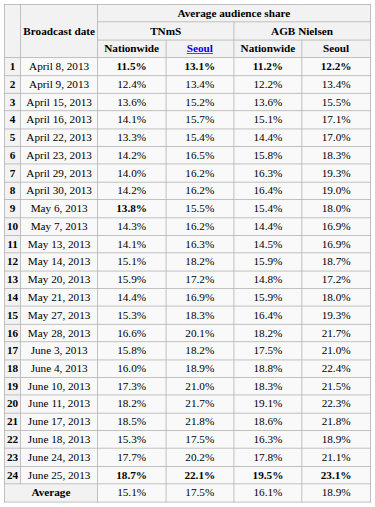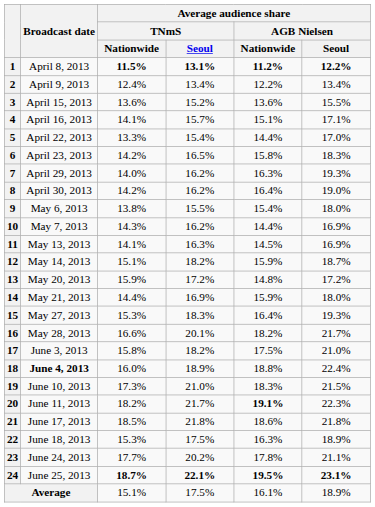 <table class=wikitable style="text-align:center">
 <tr>
 <th rowspan="3"></th>
 <th rowspan="3">Broadcast date</th>
 <th colspan="4">Average audience share</th>
 </tr>
 <tr>
 <th colspan="2">TNmS</th>
 <th colspan="2">AGB Nielsen</th>
 </tr>
 <tr>
 <th width=90>Nationwide</th>
 <th width=90><a href='#'>Seoul</a></th>
 <th width=90>Nationwide</th>
 <th width=90>Seoul</th>
 </tr>
 <tr>
 <th>1</th>
 <td>April 8, 2013</td>
 <td><span><strong>11.5%</strong></span></td>
 <td><span><strong>13.1%</strong></span></td>
 <td><span><strong>11.2%</strong></span></td>
 <td><span><strong>12.2%</strong></span></td>
 </tr>
 <tr>
 <th>2</th>
 <td>April 9, 2013</td>
 <td>12.4%</td>
 <td>13.4%</td>
 <td>12.2%</td>
 <td>13.4%</td>
 </tr>
 <tr>
 <th>3</th>
 <td>April 15, 2013</td>
 <td>13.6%</td>
 <td>15.2%</td>
 <td>13.6%</td>
 <td>15.5%</td>
 </tr>
 <tr>
 <th>4</th>
 <td>April 16, 2013</td>
 <td>14.1%</td>
 <td>15.7%</td>
 <td>15.1%</td>
 <td>17.1%</td>
 </tr>
 <tr>
 <th>5</th>
 <td>April 22, 2013</td>
 <td>13.3%</td>
 <td>15.4%</td>
 <td>14.4%</td>
 <td>17.0%</td>
 </tr>
 <tr>
 <th>6</th>
 <td>April 23, 2013</td>
 <td>14.2%</td>
 <td>16.5%</td>
 <td>15.8%</td>
 <td>18.3%</td>
 </tr>
 <tr>
 <th>7</th>
 <td>April 29, 2013</td>
 <td>14.0%</td>
 <td>16.2%</td>
 <td>16.3%</td>
 <td>19.3%</td>
 </tr>
 <tr>
 <th>8</th>
 <td>April 30, 2013</td>
 <td>14.2%</td>
 <td>16.2%</td>
 <td>16.4%</td>
 <td>19.0%</td>
 </tr>
 <tr>
 <th>9</th>
 <td>May 6, 2013</td>
-<td><strong>13.8%</strong></td>
+<td>13.8%</td>
 <td>15.5%</td>
 <td>15.4%</td>
 <td>18.0%</td>
 </tr>
 <tr>
 <th>10</th>
 <td>May 7, 2013</td>
 <td>14.3%</td>
 <td>16.2%</td>
 <td>14.4%</td>
 <td>16.9%</td>
 </tr>
 <tr>
 <th>11</th>
 <td>May 13, 2013</td>
 <td>14.1%</td>
 <td>16.3%</td>
 <td>14.5%</td>
 <td>16.9%</td>
 </tr>
 <tr>
 <th>12</th>
 <td>May 14, 2013</td>
 <td>15.1%</td>
 <td>18.2%</td>
 <td>15.9%</td>
 <td>18.7%</td>
 </tr>
 <tr>
 <th>13</th>
 <td>May 20, 2013</td>
 <td>15.9%</td>
 <td>17.2%</td>
 <td>14.8%</td>
 <td>17.2%</td>
 </tr>
 <tr>
 <th>14</th>
 <td>May 21, 2013</td>
 <td>14.4%</td>
 <td>16.9%</td>
 <td>15.9%</td>
 <td>18.0%</td>
 </tr>
 <tr>
 <th>15</th>
 <td>May 27, 2013</td>
 <td>15.3%</td>
 <td>18.3%</td>
 <td>16.4%</td>
 <td>19.3%</td>
 </tr>
 <tr>
 <th>16</th>
 <td>May 28, 2013</td>
 <td>16.6%</td>
 <td>20.1%</td>
 <td>18.2%</td>
 <td>21.7%</td>
 </tr>
 <tr>
 <th>17</th>
 <td>June 3, 2013</td>
 <td>15.8%</td>
 <td>18.2%</td>
 <td>17.5%</td>
 <td>21.0%</td>
 </tr>
 <tr>
 <th>18</th>
-<td>June 4, 2013</td>
+<td><strong>June 4, 2013</strong></td>
 <td>16.0%</td>
 <td>18.9%</td>
 <td>18.8%</td>
 <td>22.4%</td>
 </tr>
 <tr>
 <th>19</th>
 <td>June 10, 2013</td>
 <td>17.3%</td>
 <td>21.0%</td>
 <td>18.3%</td>
 <td>21.5%</td>
 </tr>
 <tr>
 <th>20</th>
 <td>June 11, 2013</td>
 <td>18.2%</td>
 <td>21.7%</td>
-<td>19.1%</td>
+<td><strong>19.1%</strong></td>
 <td>22.3%</td>
 </tr>
 <tr>
 <th>21</th>
 <td>June 17, 2013</td>
 <td>18.5%</td>
 <td>21.8%</td>
 <td>18.6%</td>
 <td>21.8%</td>
 </tr>
 <tr>
 <th>22</th>
 <td>June 18, 2013</td>
 <td>15.3%</td>
 <td>17.5%</td>
 <td>16.3%</td>
 <td>18.9%</td>
 </tr>
 <tr>
 <th>23</th>
 <td>June 24, 2013</td>
 <td>17.7%</td>
 <td>20.2%</td>
 <td>17.8%</td>
 <td>21.1%</td>
 </tr>
 <tr>
 <th>24</th>
 <td>June 25, 2013</td>
 <td><span><strong>18.7%</strong></span></td>
 <td><span><strong>22.1%</strong></span></td>
 <td><span><strong>19.5%</strong></span></td>
 <td><span><strong>23.1%</strong></span></td>
 </tr>
 <tr>
 <th colspan="2">Average</th>
 <td>15.1%</td>
 <td>17.5%</td>
 <td>16.1%</td>
 <td>18.9%</td>
 </tr>
 </table>
